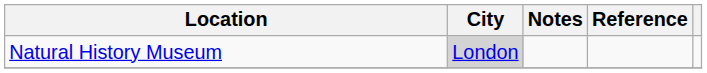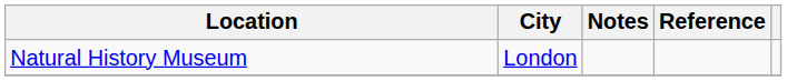 <table class="wikitable">
 <tr>
 <th Width="350">Location</th>
 <th>City</th>
 <th>Notes</th>
 <th>Reference</th>
 <th></th>
 </tr>
 <tr>
 <td><a href='#'>Natural History Museum</a></td>
-<td style="background: lightgrey;"><a href='#'>London</a></td>
+<td><a href='#'>London</a></td>
 <td></td>
 <td></td>
 <td></td>
 </tr>
 <tr>
 </tr>
 </table>
